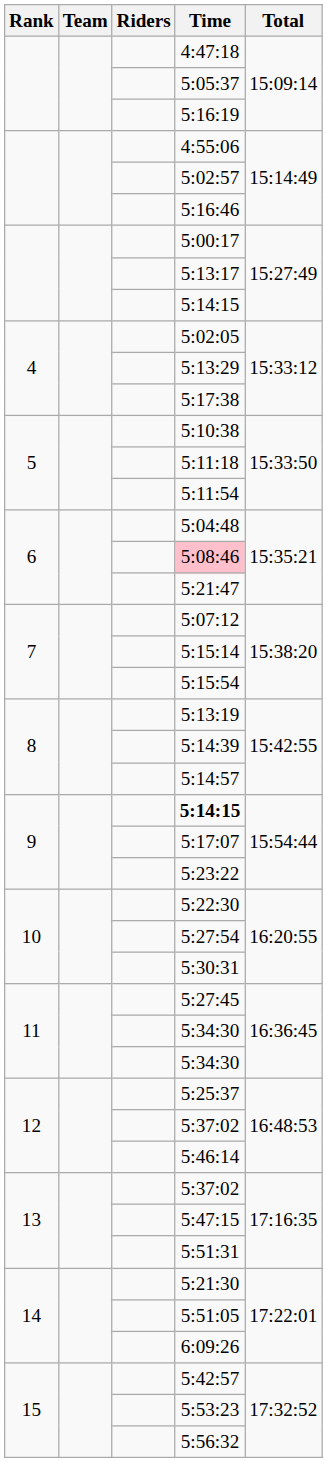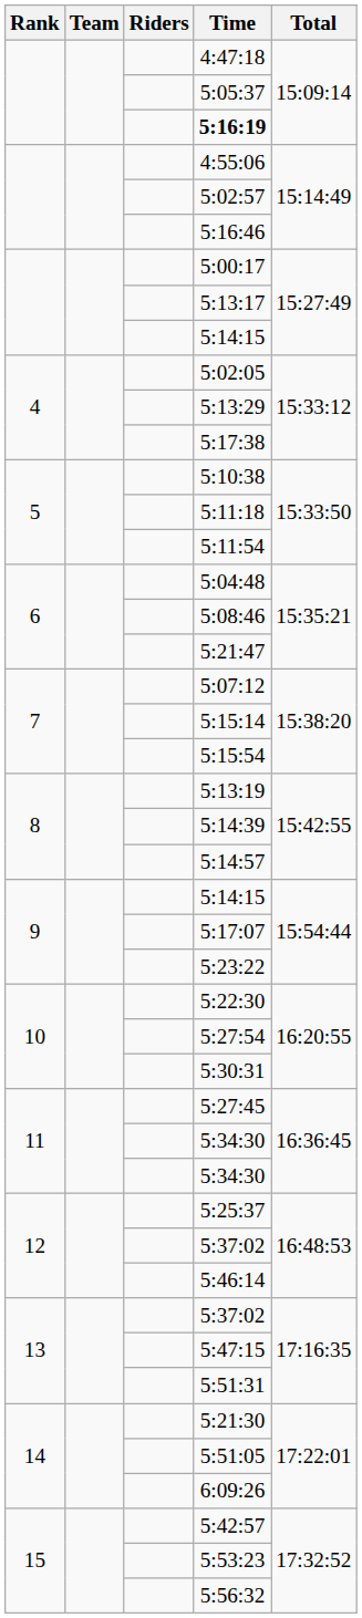 <table class="wikitable sortable" style="font-size:95%; text-align:center;">
 <tr>
 <th>Rank</th>
 <th>Team</th>
 <th>Riders</th>
 <th>Time</th>
 <th>Total</th>
 </tr>
 <tr>
 <td rowspan=3></td>
 <td rowspan=3></td>
 <td align=left></td>
 <td>4:47:18</td>
 <td rowspan=3>15:09:14</td>
 </tr>
 <tr>
 <td align=left></td>
 <td>5:05:37</td>
 </tr>
 <tr>
 <td align=left></td>
-<td>5:16:19</td>
+<td><strong>5:16:19</strong></td>
 </tr>
 <tr>
 <td rowspan=3></td>
 <td rowspan=3></td>
 <td align=left></td>
 <td>4:55:06</td>
 <td rowspan=3>15:14:49</td>
 </tr>
 <tr>
 <td align=left></td>
 <td>5:02:57</td>
 </tr>
 <tr>
 <td align=left></td>
 <td>5:16:46</td>
 </tr>
 <tr>
 <td rowspan=3></td>
 <td rowspan=3></td>
 <td align=left></td>
 <td>5:00:17</td>
 <td rowspan=3>15:27:49</td>
 </tr>
 <tr>
 <td align=left></td>
 <td>5:13:17</td>
 </tr>
 <tr>
 <td align=left></td>
 <td>5:14:15</td>
 </tr>
 <tr>
 <td rowspan=3>4</td>
 <td rowspan=3></td>
 <td align=left></td>
 <td>5:02:05</td>
 <td rowspan=3>15:33:12</td>
 </tr>
 <tr>
 <td align=left></td>
 <td>5:13:29</td>
 </tr>
 <tr>
 <td align=left></td>
 <td>5:17:38</td>
 </tr>
 <tr>
 <td rowspan=3>5</td>
 <td rowspan=3></td>
 <td align=left></td>
 <td>5:10:38</td>
 <td rowspan=3>15:33:50</td>
 </tr>
 <tr>
 <td align=left></td>
 <td>5:11:18</td>
 </tr>
 <tr>
 <td align=left></td>
 <td>5:11:54</td>
 </tr>
 <tr>
 <td rowspan=3>6</td>
 <td rowspan=3></td>
 <td align=left></td>
 <td>5:04:48</td>
 <td rowspan=3>15:35:21</td>
 </tr>
 <tr>
 <td align=left></td>
-<td style="background: pink;">5:08:46</td>
+<td>5:08:46</td>
 </tr>
 <tr>
 <td align=left></td>
 <td>5:21:47</td>
 </tr>
 <tr>
 <td rowspan=3>7</td>
 <td rowspan=3></td>
 <td align=left></td>
 <td>5:07:12</td>
 <td rowspan=3>15:38:20</td>
 </tr>
 <tr>
 <td align=left></td>
 <td>5:15:14</td>
 </tr>
 <tr>
 <td align=left></td>
 <td>5:15:54</td>
 </tr>
 <tr>
 <td rowspan=3>8</td>
 <td rowspan=3></td>
 <td align=left></td>
 <td>5:13:19</td>
 <td rowspan=3>15:42:55</td>
 </tr>
 <tr>
 <td align=left></td>
 <td>5:14:39</td>
 </tr>
 <tr>
 <td align=left></td>
 <td>5:14:57</td>
 </tr>
 <tr>
 <td rowspan=3>9</td>
 <td rowspan=3></td>
 <td align=left></td>
-<td><strong>5:14:15</strong></td>
+<td>5:14:15</td>
 <td rowspan=3>15:54:44</td>
 </tr>
 <tr>
 <td align=left></td>
 <td>5:17:07</td>
 </tr>
 <tr>
 <td align=left></td>
 <td>5:23:22</td>
 </tr>
 <tr>
 <td rowspan=3>10</td>
 <td rowspan=3></td>
 <td align=left></td>
 <td>5:22:30</td>
 <td rowspan=3>16:20:55</td>
 </tr>
 <tr>
 <td align=left></td>
 <td>5:27:54</td>
 </tr>
 <tr>
 <td align=left></td>
 <td>5:30:31</td>
 </tr>
 <tr>
 <td rowspan=3>11</td>
 <td rowspan=3></td>
 <td align=left></td>
 <td>5:27:45</td>
 <td rowspan=3>16:36:45</td>
 </tr>
 <tr>
 <td align=left></td>
 <td>5:34:30</td>
 </tr>
 <tr>
 <td align=left></td>
 <td>5:34:30</td>
 </tr>
 <tr>
 <td rowspan=3>12</td>
 <td rowspan=3></td>
 <td align=left></td>
 <td>5:25:37</td>
 <td rowspan=3>16:48:53</td>
 </tr>
 <tr>
 <td align=left></td>
 <td>5:37:02</td>
 </tr>
 <tr>
 <td align=left></td>
 <td>5:46:14</td>
 </tr>
 <tr>
 <td rowspan=3>13</td>
 <td rowspan=3></td>
 <td align=left></td>
 <td>5:37:02</td>
 <td rowspan=3>17:16:35</td>
 </tr>
 <tr>
 <td align=left></td>
 <td>5:47:15</td>
 </tr>
 <tr>
 <td align=left></td>
 <td>5:51:31</td>
 </tr>
 <tr>
 <td rowspan=3>14</td>
 <td rowspan=3></td>
 <td align=left></td>
 <td>5:21:30</td>
 <td rowspan=3>17:22:01</td>
 </tr>
 <tr>
 <td align=left></td>
 <td>5:51:05</td>
 </tr>
 <tr>
 <td align=left></td>
 <td>6:09:26</td>
 </tr>
 <tr>
 <td rowspan=3>15</td>
 <td rowspan=3></td>
 <td align=left></td>
 <td>5:42:57</td>
 <td rowspan=3>17:32:52</td>
 </tr>
 <tr>
 <td align=left></td>
 <td>5:53:23</td>
 </tr>
 <tr>
 <td align=left></td>
 <td>5:56:32</td>
 </tr>
 </table>
